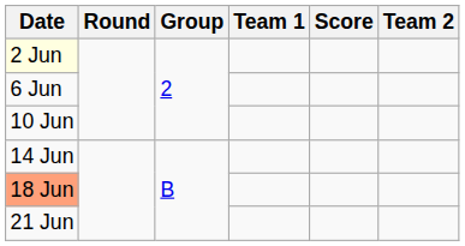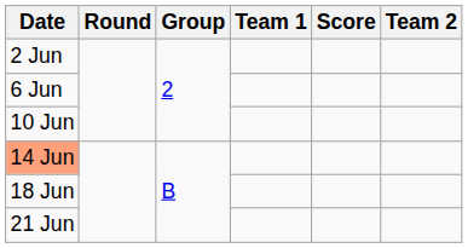 <table class="wikitable" style="text-align:">
 <tr>
 <th>Date</th>
 <th>Round</th>
 <th>Group</th>
 <th>Team 1</th>
 <th>Score</th>
 <th>Team 2</th>
 </tr>
 <tr>
-<td style="background: lightyellow;">2 Jun</td>
+<td>2 Jun</td>
 <td rowspan="3"></td>
 <td rowspan="3"><a href='#'>2</a></td>
 <td></td>
 <td></td>
 <td></td>
 </tr>
 <tr>
 <td>6 Jun</td>
 <td></td>
 <td></td>
 <td></td>
 </tr>
 <tr>
 <td>10 Jun</td>
 <td></td>
 <td></td>
 <td></td>
 </tr>
 <tr>
-<td>14 Jun</td>
+<td style="background: lightsalmon;">14 Jun</td>
 <td rowspan="3"></td>
 <td rowspan="3"><a href='#'>B</a></td>
 <td></td>
 <td></td>
 <td></td>
 </tr>
 <tr>
-<td style="background: lightsalmon;">18 Jun</td>
+<td>18 Jun</td>
 <td></td>
 <td></td>
 <td></td>
 </tr>
 <tr>
 <td>21 Jun</td>
 <td></td>
 <td></td>
 <td></td>
 </tr>
 </table>
